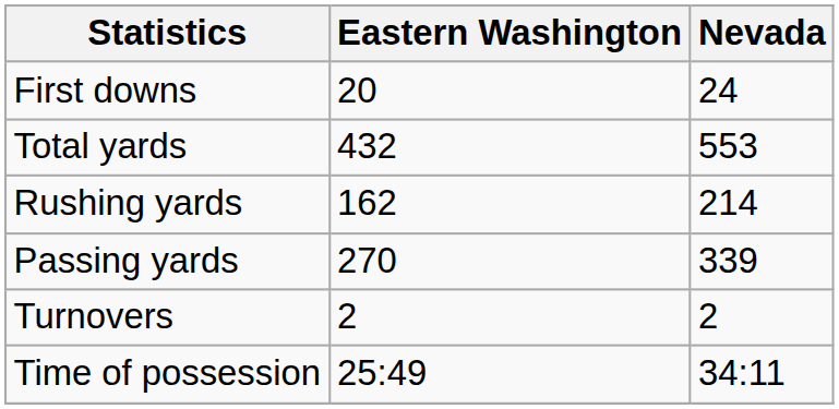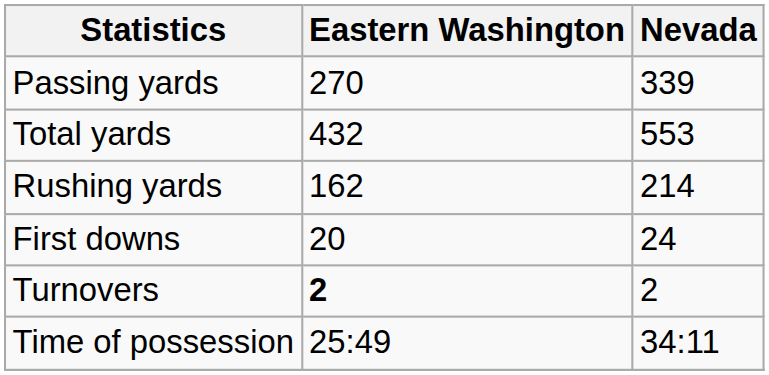 <table class="wikitable">
 <tr>
 <th>Statistics</th>
 <th>Eastern Washington</th>
 <th>Nevada</th>
 </tr>
 <tr>
-<td>First downs</td>
-<td>20</td>
-<td>24</td>
+<td>Passing yards</td>
+<td>270</td>
+<td>339</td>
 </tr>
 <tr>
 <td>Total yards</td>
 <td>432</td>
 <td>553</td>
 </tr>
 <tr>
 <td>Rushing yards</td>
 <td>162</td>
 <td>214</td>
 </tr>
 <tr>
-<td>Passing yards</td>
-<td>270</td>
-<td>339</td>
+<td>First downs</td>
+<td>20</td>
+<td>24</td>
 </tr>
 <tr>
 <td>Turnovers</td>
-<td>2</td>
+<td><strong>2</strong></td>
 <td>2</td>
 </tr>
 <tr>
 <td>Time of possession</td>
 <td>25:49</td>
 <td>34:11</td>
 </tr>
 <tr>
 </tr>
 </table>
